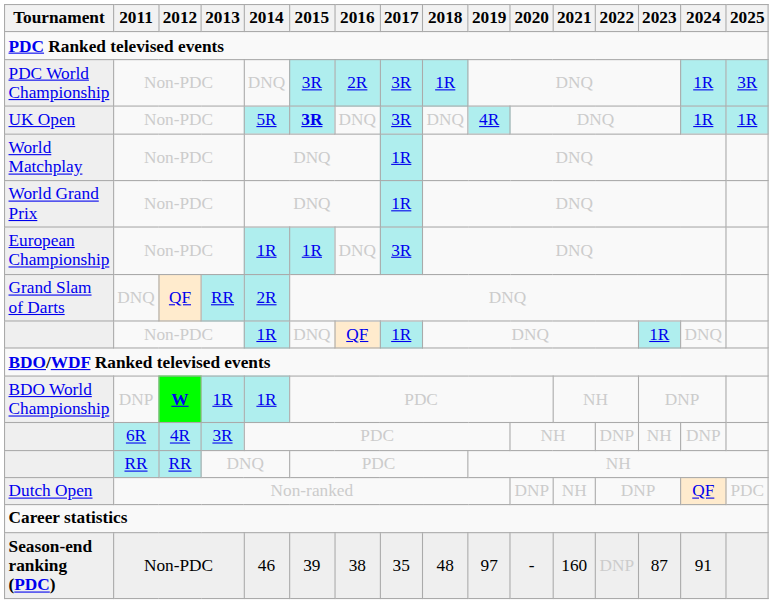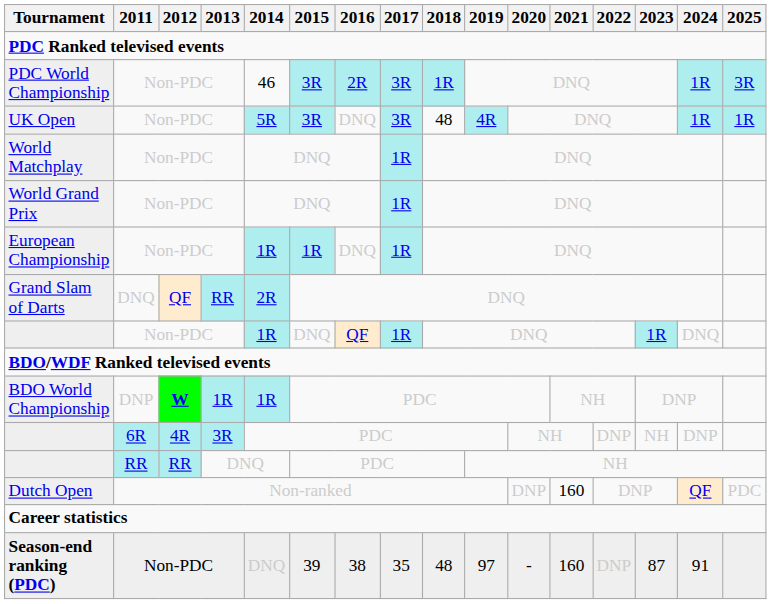 <table class="wikitable" style="width:20%; margin:0">
 <tr>
 <th>Tournament</th>
 <th>2011</th>
 <th>2012</th>
 <th>2013</th>
 <th>2014</th>
 <th>2015</th>
 <th>2016</th>
 <th>2017</th>
 <th>2018</th>
 <th>2019</th>
 <th>2020</th>
 <th>2021</th>
 <th>2022</th>
 <th>2023</th>
 <th>2024</th>
 <th>2025</th>
 </tr>
 <tr>
 <td colspan="20" style="text-align:left"><strong><a href='#'>PDC</a> Ranked televised events</strong></td>
 </tr>
 <tr>
 <td style="background:#efefef;"><a href='#'>PDC World Championship</a></td>
 <td colspan="3" style="text-align:center; color:#ccc;">Non-PDC</td>
-<td style="text-align:center; color:#ccc;">DNQ</td>
+<td style="text-align:center;">46</td>
 <td style="text-align:center; background:#afeeee;"><a href='#'>3R</a></td>
 <td style="text-align:center; background:#afeeee;"><a href='#'>2R</a></td>
 <td style="text-align:center; background:#afeeee;"><a href='#'>3R</a></td>
 <td style="text-align:center; background:#afeeee;"><a href='#'>1R</a></td>
 <td colspan="5" style="text-align:center; color:#ccc;">DNQ</td>
 <td style="text-align:center; background:#afeeee;"><a href='#'>1R</a></td>
 <td style="text-align:center; background:#afeeee;"><a href='#'>3R</a></td>
 </tr>
 <tr>
 <td style="background:#efefef;"><a href='#'>UK Open</a></td>
 <td colspan="3" style="text-align:center; color:#ccc;">Non-PDC</td>
 <td style="text-align:center; background:#afeeee;"><a href='#'>5R</a></td>
-<td style="text-align:center; background:#afeeee;"><strong><a href='#'>3R</a></strong></td>
+<td style="text-align:center; background:#afeeee;"><a href='#'>3R</a></td>
 <td style="text-align:center; color:#ccc;">DNQ</td>
 <td style="text-align:center; background:#afeeee;"><a href='#'>3R</a></td>
-<td style="text-align:center; color:#ccc;">DNQ</td>
+<td style="text-align:center;">48</td>
 <td style="text-align:center; background:#afeeee;"><a href='#'>4R</a></td>
 <td colspan="4" style="text-align:center; color:#ccc;">DNQ</td>
 <td style="text-align:center; background:#afeeee;"><a href='#'>1R</a></td>
 <td style="text-align:center; background:#afeeee;"><a href='#'>1R</a></td>
 </tr>
 <tr>
 <td style="background:#efefef;"><a href='#'>World Matchplay</a></td>
 <td colspan="3" style="text-align:center; color:#ccc;">Non-PDC</td>
 <td colspan="3" style="text-align:center; color:#ccc;">DNQ</td>
 <td style="text-align:center; background:#afeeee;"><a href='#'>1R</a></td>
 <td colspan="7" style="text-align:center; color:#ccc;">DNQ</td>
 <td></td>
 </tr>
 <tr>
 <td style="background:#efefef;"><a href='#'>World Grand Prix</a></td>
 <td colspan="3" style="text-align:center; color:#ccc;">Non-PDC</td>
 <td colspan="3" style="text-align:center; color:#ccc;">DNQ</td>
 <td style="text-align:center; background:#afeeee;"><a href='#'>1R</a></td>
 <td colspan="7" style="text-align:center; color:#ccc;">DNQ</td>
 <td></td>
 </tr>
 <tr>
 <td style="background:#efefef;"><a href='#'>European Championship</a></td>
 <td colspan="3" style="text-align:center; color:#ccc;">Non-PDC</td>
 <td style="text-align:center; background:#afeeee;"><a href='#'>1R</a></td>
 <td style="text-align:center; background:#afeeee;"><a href='#'>1R</a></td>
 <td style="text-align:center; color:#ccc;">DNQ</td>
-<td style="text-align:center; background:#afeeee;"><a href='#'>3R</a></td>
+<td style="text-align:center; background:#afeeee;"><a href='#'>1R</a></td>
 <td colspan="7" style="text-align:center; color:#ccc;">DNQ</td>
 <td></td>
 </tr>
 <tr>
 <td style="background:#efefef;"><a href='#'>Grand Slam of Darts</a></td>
 <td style="text-align:center; color:#ccc;">DNQ</td>
 <td style="text-align:center; background:#ffebcd;"><a href='#'>QF</a></td>
 <td style="text-align:center; background:#afeeee;"><a href='#'>RR</a></td>
 <td style="text-align:center; background:#afeeee;"><a href='#'>2R</a></td>
 <td colspan="10" style="text-align:center; color:#ccc;">DNQ</td>
 <td></td>
 </tr>
 <tr>
 <td style="background:#efefef;"></td>
 <td colspan="3" style="text-align:center; color:#ccc;">Non-PDC</td>
 <td style="text-align:center; background:#afeeee;"><a href='#'>1R</a></td>
 <td style="text-align:center; color:#ccc;">DNQ</td>
 <td style="text-align:center; background:#ffebcd;"><a href='#'>QF</a></td>
 <td style="text-align:center; background:#afeeee;"><a href='#'>1R</a></td>
 <td colspan="5" style="text-align:center; color:#ccc;">DNQ</td>
 <td style="text-align:center; background:#afeeee;"><a href='#'>1R</a></td>
 <td style="text-align:center; color:#ccc;">DNQ</td>
 <td></td>
 </tr>
 <tr>
 <td colspan="20" style="text-align:left"><strong><a href='#'>BDO</a>/<a href='#'>WDF</a> Ranked televised events</strong></td>
 </tr>
 <tr>
 <td style="background:#efefef;"><a href='#'>BDO World Championship</a></td>
 <td style="text-align:center; color:#ccc;">DNP</td>
 <td style="text-align:center; background:lime;"><a href='#'><strong>W</strong></a></td>
 <td style="text-align:center; background:#afeeee;"><a href='#'>1R</a></td>
 <td style="text-align:center; background:#afeeee;"><a href='#'>1R</a></td>
 <td colspan="6" style="text-align:center; color:#ccc;">PDC</td>
 <td colspan="2" style="text-align:center; color:#ccc;">NH</td>
 <td colspan="2" style="text-align:center; color:#ccc;">DNP</td>
 <td></td>
 </tr>
 <tr>
 <td style="background:#efefef;"></td>
 <td style="text-align:center; background:#afeeee;"><a href='#'>6R</a></td>
 <td style="text-align:center; background:#afeeee;"><a href='#'>4R</a></td>
 <td style="text-align:center; background:#afeeee;"><a href='#'>3R</a></td>
 <td colspan="6" style="text-align:center; color:#ccc;">PDC</td>
 <td colspan="2" style="text-align:center; color:#ccc;">NH</td>
 <td style="text-align:center; color:#ccc;">DNP</td>
 <td style="text-align:center; color:#ccc;">NH</td>
 <td style="text-align:center; color:#ccc;">DNP</td>
 <td></td>
 </tr>
 <tr>
 <td style="background:#efefef;"></td>
 <td style="text-align:center; background:#afeeee;"><a href='#'>RR</a></td>
 <td style="text-align:center; background:#afeeee;"><a href='#'>RR</a></td>
 <td colspan="2" style="text-align:center; color:#ccc;">DNQ</td>
 <td colspan="4" style="text-align:center; color:#ccc;">PDC</td>
 <td colspan="7" style="text-align:center; color:#ccc;">NH</td>
 </tr>
 <tr>
 <td style="background:#efefef;"><a href='#'>Dutch Open</a></td>
 <td colspan="9" style="text-align:center; color:#ccc;">Non-ranked</td>
 <td style="text-align:center; color:#ccc;">DNP</td>
-<td style="text-align:center; color:#ccc;">NH</td>
+<td style="text-align:center;">160</td>
 <td colspan="2" style="text-align:center; color:#ccc;">DNP</td>
 <td style="text-align:center; background:#ffebcd;"><a href='#'>QF</a></td>
 <td style="text-align:center; color:#ccc;">PDC</td>
 </tr>
 <tr>
 <td colspan="20" style="text-align:left"><strong>Career statistics</strong></td>
 </tr>
 <tr bgcolor="efefef">
 <td style="text-align:left"><strong>Season-end ranking (<a href='#'>PDC</a>)</strong></td>
 <td colspan=3 style="text-align:center;">Non-PDC</td>
-<td style="text-align:center;">46</td>
+<td style="text-align:center; color:#ccc;">DNQ</td>
 <td style="text-align:center;">39</td>
 <td style="text-align:center;">38</td>
 <td style="text-align:center;">35</td>
 <td style="text-align:center;">48</td>
 <td style="text-align:center;">97</td>
 <td style="text-align:center;">-</td>
 <td style="text-align:center;">160</td>
 <td style="text-align:center; color:#ccc;">DNP</td>
 <td style="text-align:center;">87</td>
 <td style="text-align:center;">91</td>
 <td></td>
 </tr>
 </table>
